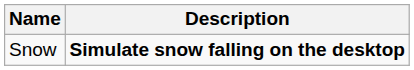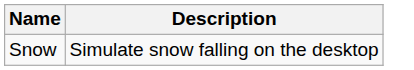 <table class="wikitable">
 <tr>
 <th>Name</th>
 <th>Description</th>
 </tr>
 <tr>
 <td>Snow</td>
-<td><strong>Simulate snow falling on the desktop</strong></td>
+<td>Simulate snow falling on the desktop</td>
 </tr>
 </table>
